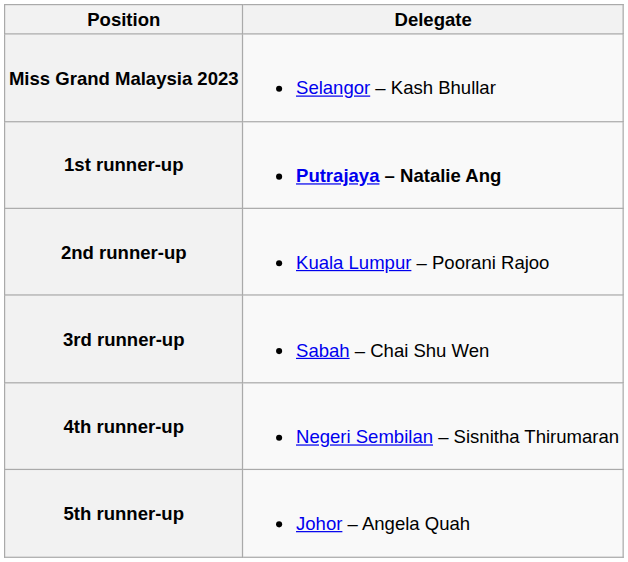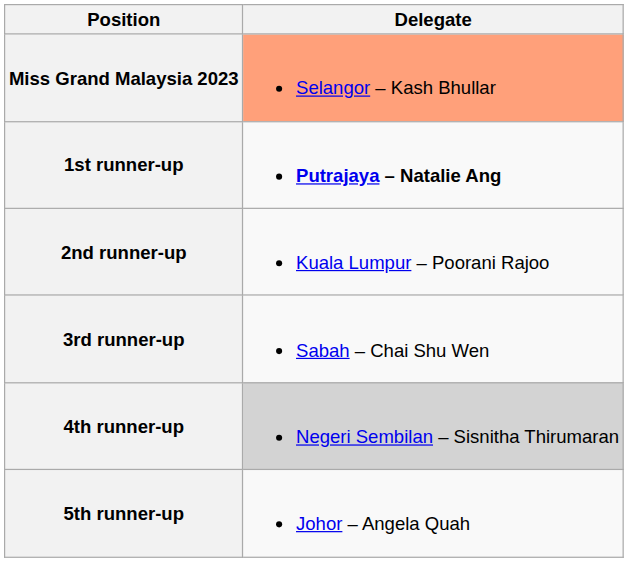 <table class="wikitable" style="font-size: 95%";>
 <tr>
 <th>Position</th>
 <th>Delegate</th>
 </tr>
 <tr>
 <th>Miss Grand Malaysia 2023</th>
-<td><br><ul><li><a href='#'>Selangor</a> – Kash Bhullar</li></ul></td>
+<td style="background: lightsalmon;"><br><ul><li><a href='#'>Selangor</a> – Kash Bhullar</li></ul></td>
 </tr>
 <tr>
 <th>1st runner-up</th>
 <td><strong><br><ul><li><a href='#'>Putrajaya</a> – Natalie Ang</li></ul></strong></td>
 </tr>
 <tr>
 <th>2nd runner-up</th>
 <td><br><ul><li><a href='#'>Kuala Lumpur</a> – Poorani Rajoo</li></ul></td>
 </tr>
 <tr>
 <th>3rd runner-up</th>
 <td><br><ul><li><a href='#'>Sabah</a> – Chai Shu Wen</li></ul></td>
 </tr>
 <tr>
 <th>4th runner-up</th>
-<td><br><ul><li><a href='#'>Negeri Sembilan</a> – Sisnitha Thirumaran</li></ul></td>
+<td style="background: lightgrey;"><br><ul><li><a href='#'>Negeri Sembilan</a> – Sisnitha Thirumaran</li></ul></td>
 </tr>
 <tr>
 <th>5th runner-up</th>
 <td><br><ul><li><a href='#'>Johor</a> – Angela Quah</li></ul></td>
 </tr>
 </table>
